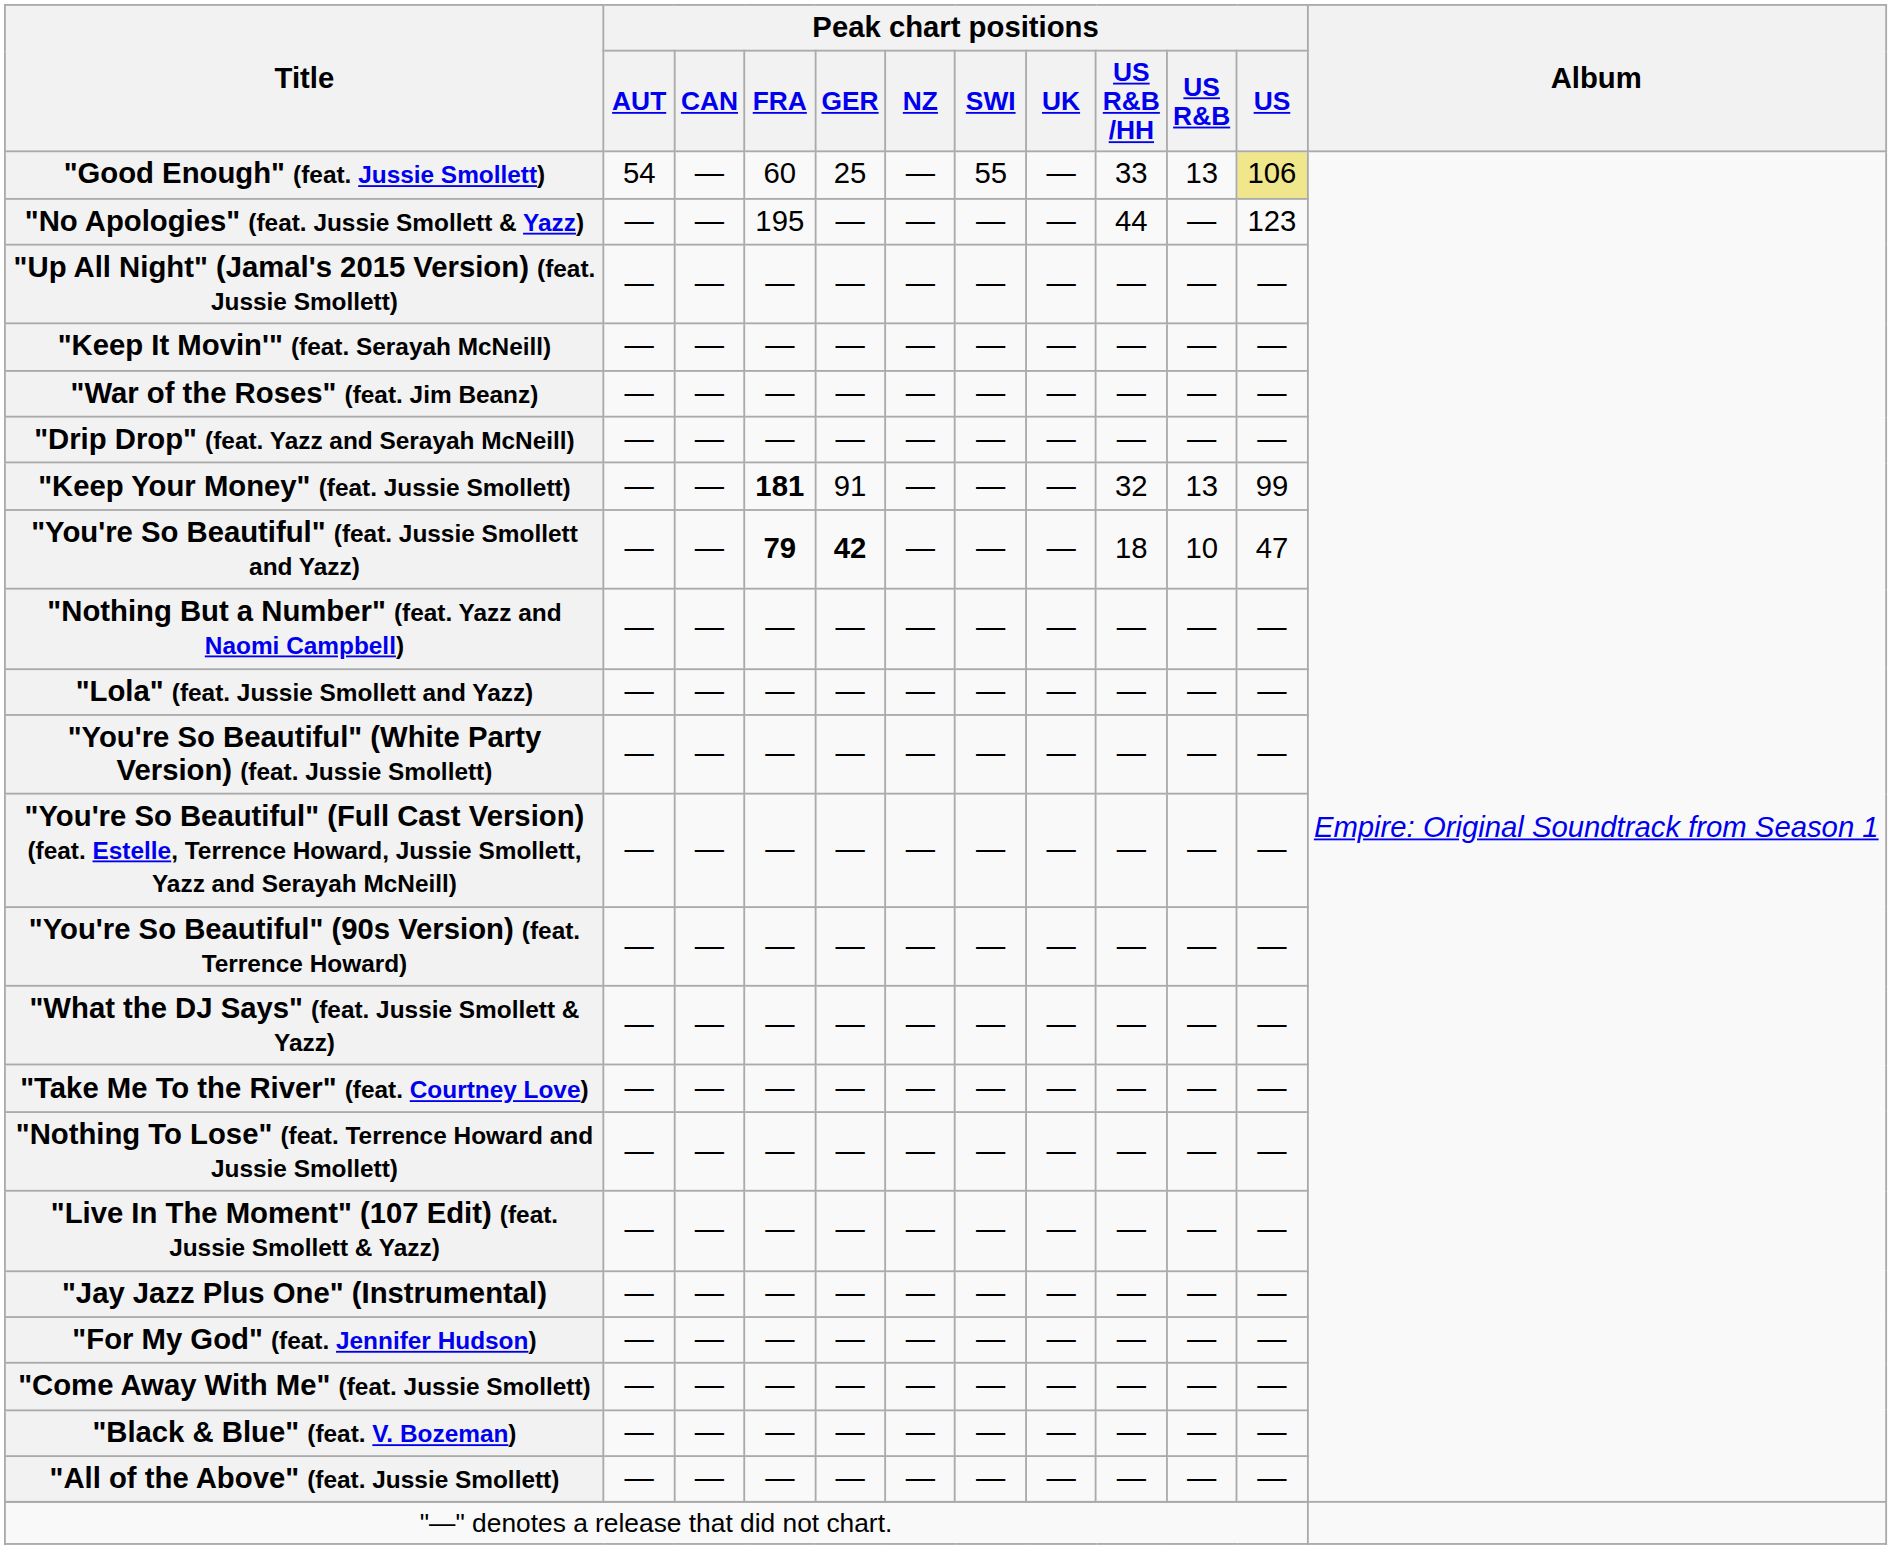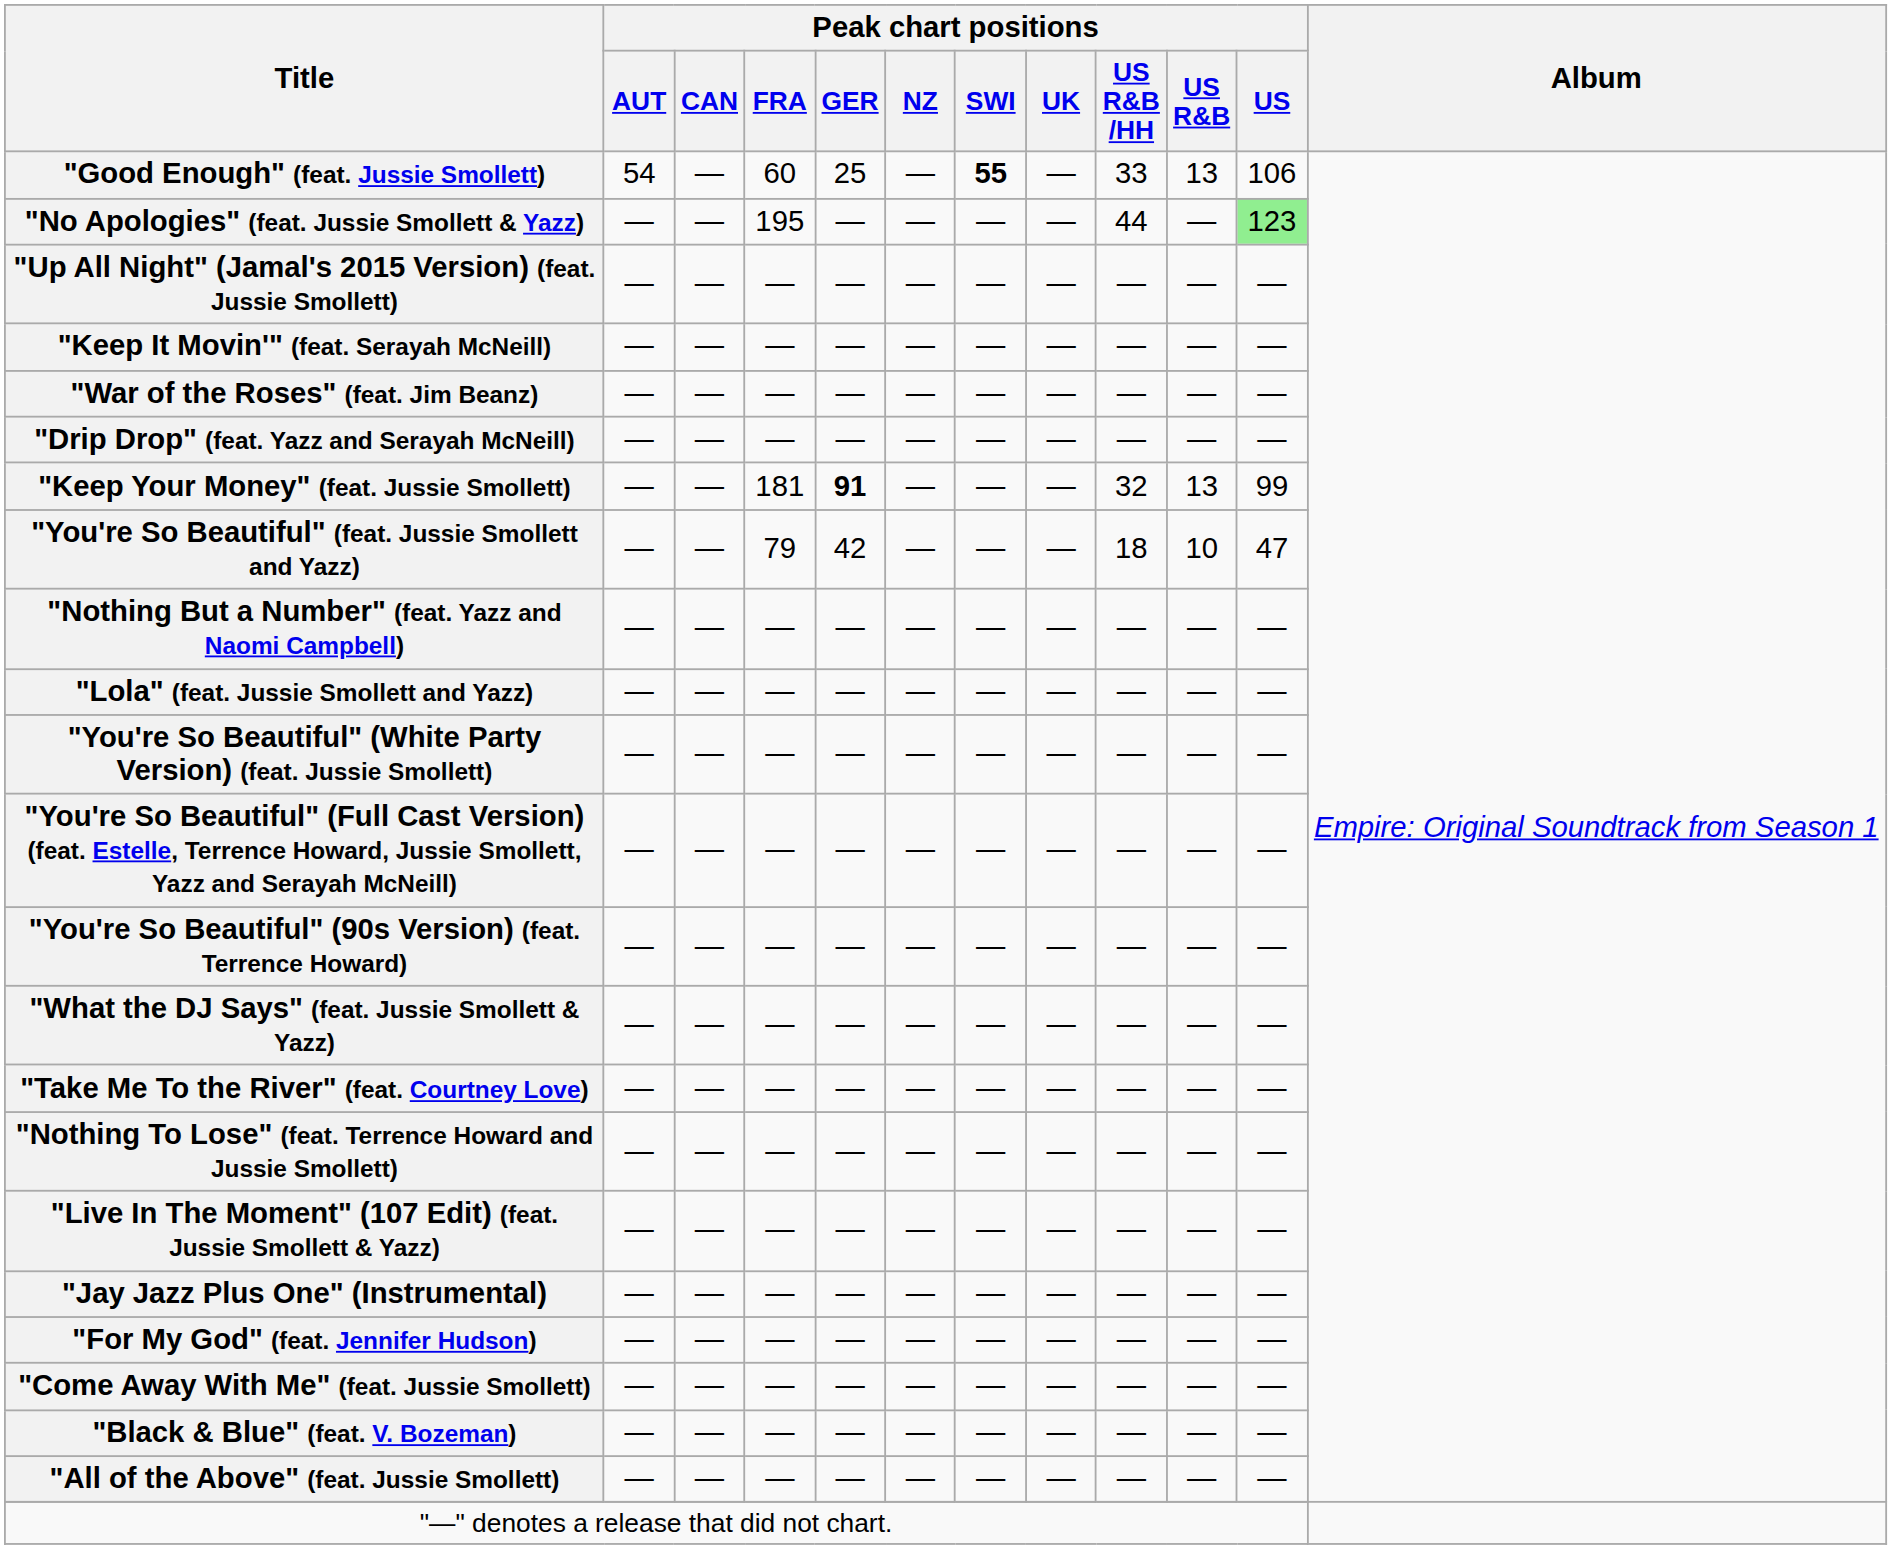 <table class="wikitable plainrowheaders" style="text-align:center;" border="1">
 <tr>
 <th scope="col" rowspan="2" style="width:20em;">Title</th>
 <th scope="col" colspan="10">Peak chart positions</th>
 <th scope="col" rowspan="2">Album</th>
 </tr>
 <tr>
 <th scope="col" style="width:2.2em;font-size:90%;"><a href='#'>AUT</a></th>
 <th scope="col" style="width:2.2em;font-size:90%;"><a href='#'>CAN</a></th>
 <th scope="col" style="width:2.2em;font-size:90%;"><a href='#'>FRA</a><br></th>
 <th scope="col" style="width:2.2em;font-size:90%;"><a href='#'>GER</a></th>
 <th scope="col" style="width:2.2em;font-size:90%;"><a href='#'>NZ</a></th>
 <th scope="col" style="width:2.2em;font-size:90%;"><a href='#'>SWI</a></th>
 <th scope="col" style="width:2.2em;font-size:90%;"><a href='#'>UK</a><br> </th>
 <th scope="col" style="width:2.2em;font-size:90%;"><a href='#'>US<br>R&B<br>/HH</a></th>
 <th scope="col" style="width:2.2em;font-size:90%;"><a href='#'>US<br>R&B</a></th>
 <th scope="col" style="width:2.2em;font-size:90%;"><a href='#'>US</a><br> </th>
 </tr>
 <tr>
 <th scope="row">"Good Enough" <small>(feat. <a href='#'>Jussie Smollett</a>)</small></th>
 <td>54</td>
 <td>—</td>
 <td>60</td>
 <td>25</td>
 <td>—</td>
-<td>55</td>
+<td><strong>55</strong></td>
 <td>—</td>
 <td>33</td>
 <td>13</td>
-<td style="background: khaki;">106</td>
+<td>106</td>
 <td rowspan="22"><em><a href='#'>Empire: Original Soundtrack from Season 1</a></em></td>
 </tr>
 <tr>
 <th scope="row">"No Apologies" <small>(feat. Jussie Smollett & <a href='#'>Yazz</a>)</small></th>
 <td>—</td>
 <td>—</td>
 <td>195</td>
 <td>—</td>
 <td>—</td>
 <td>—</td>
 <td>—</td>
 <td>44</td>
 <td>—</td>
-<td>123</td>
+<td style="background: lightgreen;">123</td>
 </tr>
 <tr>
 <th scope="row">"Up All Night" (Jamal's 2015 Version) <small>(feat. Jussie Smollett)</small></th>
 <td>—</td>
 <td>—</td>
 <td>—</td>
 <td>—</td>
 <td>—</td>
 <td>—</td>
 <td>—</td>
 <td>—</td>
 <td>—</td>
 <td>—</td>
 </tr>
 <tr>
 <th scope="row">"Keep It Movin'" <small>(feat. Serayah McNeill)</small></th>
 <td>—</td>
 <td>—</td>
 <td>—</td>
 <td>—</td>
 <td>—</td>
 <td>—</td>
 <td>—</td>
 <td>—</td>
 <td>—</td>
 <td>—</td>
 </tr>
 <tr>
 <th scope="row">"War of the Roses" <small>(feat. Jim Beanz)</small></th>
 <td>—</td>
 <td>—</td>
 <td>—</td>
 <td>—</td>
 <td>—</td>
 <td>—</td>
 <td>—</td>
 <td>—</td>
 <td>—</td>
 <td>—</td>
 </tr>
 <tr>
 <th scope="row">"Drip Drop" <small>(feat. Yazz and Serayah McNeill)</small></th>
 <td>—</td>
 <td>—</td>
 <td>—</td>
 <td>—</td>
 <td>—</td>
 <td>—</td>
 <td>—</td>
 <td>—</td>
 <td>—</td>
 <td>—</td>
 </tr>
 <tr>
 <th scope="row">"Keep Your Money" <small>(feat. Jussie Smollett)</small></th>
 <td>—</td>
 <td>—</td>
-<td><strong>181</strong></td>
-<td>91</td>
+<td>181</td>
+<td><strong>91</strong></td>
 <td>—</td>
 <td>—</td>
 <td>—</td>
 <td>32</td>
 <td>13</td>
 <td>99</td>
 </tr>
 <tr>
 <th scope="row">"You're So Beautiful" <small>(feat. Jussie Smollett and Yazz)</small></th>
 <td>—</td>
 <td>—</td>
-<td><strong>79</strong></td>
-<td><strong>42</strong></td>
+<td>79</td>
+<td>42</td>
 <td>—</td>
 <td>—</td>
 <td>—</td>
 <td>18</td>
 <td>10</td>
 <td>47</td>
 </tr>
 <tr>
 <th scope="row">"Nothing But a Number" <small>(feat. Yazz and <a href='#'>Naomi Campbell</a>)</small></th>
 <td>—</td>
 <td>—</td>
 <td>—</td>
 <td>—</td>
 <td>—</td>
 <td>—</td>
 <td>—</td>
 <td>—</td>
 <td>—</td>
 <td>—</td>
 </tr>
 <tr>
 <th scope="row">"Lola" <small>(feat. Jussie Smollett and Yazz)</small></th>
 <td>—</td>
 <td>—</td>
 <td>—</td>
 <td>—</td>
 <td>—</td>
 <td>—</td>
 <td>—</td>
 <td>—</td>
 <td>—</td>
 <td>—</td>
 </tr>
 <tr>
 <th scope="row">"You're So Beautiful" (White Party Version) <small>(feat. Jussie Smollett)</small></th>
 <td>—</td>
 <td>—</td>
 <td>—</td>
 <td>—</td>
 <td>—</td>
 <td>—</td>
 <td>—</td>
 <td>—</td>
 <td>—</td>
 <td>—</td>
 </tr>
 <tr>
 <th scope="row">"You're So Beautiful" (Full Cast Version) <small>(feat. <a href='#'>Estelle</a>, Terrence Howard, Jussie Smollett, Yazz and Serayah McNeill)</small></th>
 <td>—</td>
 <td>—</td>
 <td>—</td>
 <td>—</td>
 <td>—</td>
 <td>—</td>
 <td>—</td>
 <td>—</td>
 <td>—</td>
 <td>—</td>
 </tr>
 <tr>
 <th scope="row">"You're So Beautiful" (90s Version) <small>(feat. Terrence Howard)</small></th>
 <td>—</td>
 <td>—</td>
 <td>—</td>
 <td>—</td>
 <td>—</td>
 <td>—</td>
 <td>—</td>
 <td>—</td>
 <td>—</td>
 <td>—</td>
 </tr>
 <tr>
 <th scope="row">"What the DJ Says" <small>(feat. Jussie Smollett & Yazz)</small></th>
 <td>—</td>
 <td>—</td>
 <td>—</td>
 <td>—</td>
 <td>—</td>
 <td>—</td>
 <td>—</td>
 <td>—</td>
 <td>—</td>
 <td>—</td>
 </tr>
 <tr>
 <th scope="row">"Take Me To the River" <small>(feat. <a href='#'>Courtney Love</a>)</small></th>
 <td>—</td>
 <td>—</td>
 <td>—</td>
 <td>—</td>
 <td>—</td>
 <td>—</td>
 <td>—</td>
 <td>—</td>
 <td>—</td>
 <td>—</td>
 </tr>
 <tr>
 <th scope="row">"Nothing To Lose" <small>(feat. Terrence Howard and Jussie Smollett)</small></th>
 <td>—</td>
 <td>—</td>
 <td>—</td>
 <td>—</td>
 <td>—</td>
 <td>—</td>
 <td>—</td>
 <td>—</td>
 <td>—</td>
 <td>—</td>
 </tr>
 <tr>
 <th scope="row">"Live In The Moment" (107 Edit) <small>(feat. Jussie Smollett & Yazz)</small></th>
 <td>—</td>
 <td>—</td>
 <td>—</td>
 <td>—</td>
 <td>—</td>
 <td>—</td>
 <td>—</td>
 <td>—</td>
 <td>—</td>
 <td>—</td>
 </tr>
 <tr>
 <th scope="row">"Jay Jazz Plus One" (Instrumental)</th>
 <td>—</td>
 <td>—</td>
 <td>—</td>
 <td>—</td>
 <td>—</td>
 <td>—</td>
 <td>—</td>
 <td>—</td>
 <td>—</td>
 <td>—</td>
 </tr>
 <tr>
 <th scope="row">"For My God" <small>(feat. <a href='#'>Jennifer Hudson</a>)</small></th>
 <td>—</td>
 <td>—</td>
 <td>—</td>
 <td>—</td>
 <td>—</td>
 <td>—</td>
 <td>—</td>
 <td>—</td>
 <td>—</td>
 <td>—</td>
 </tr>
 <tr>
 <th scope="row">"Come Away With Me" <small>(feat. Jussie Smollett)</small></th>
 <td>—</td>
 <td>—</td>
 <td>—</td>
 <td>—</td>
 <td>—</td>
 <td>—</td>
 <td>—</td>
 <td>—</td>
 <td>—</td>
 <td>—</td>
 </tr>
 <tr>
 <th scope="row">"Black & Blue" <small>(feat. <a href='#'>V. Bozeman</a>)</small></th>
 <td>—</td>
 <td>—</td>
 <td>—</td>
 <td>—</td>
 <td>—</td>
 <td>—</td>
 <td>—</td>
 <td>—</td>
 <td>—</td>
 <td>—</td>
 </tr>
 <tr>
 <th scope="row">"All of the Above" <small>(feat. Jussie Smollett)</small></th>
 <td>—</td>
 <td>—</td>
 <td>—</td>
 <td>—</td>
 <td>—</td>
 <td>—</td>
 <td>—</td>
 <td>—</td>
 <td>—</td>
 <td>—</td>
 </tr>
 <tr>
 </tr>
 <tr>
 <td colspan="11" style="font-size:90%">"—" denotes a release that did not chart.</td>
 </tr>
 </table>
